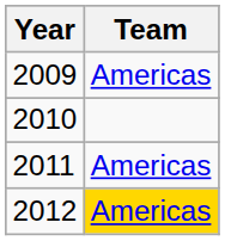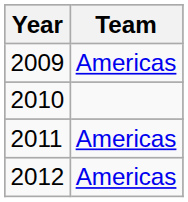 <table class="wikitable" style="font-size:90%">
 <tr>
 <th>Year</th>
 <th>Team</th>
 </tr>
 <tr>
 <td>2009</td>
 <td> <a href='#'>Americas</a></td>
 </tr>
 <tr>
 <td>2010</td>
 <td></td>
 </tr>
 <tr>
 <td>2011</td>
 <td> <a href='#'>Americas</a></td>
 </tr>
 <tr>
 <td>2012</td>
-<td style="background: gold;"> <a href='#'>Americas</a></td>
+<td> <a href='#'>Americas</a></td>
 </tr>
 </table>
